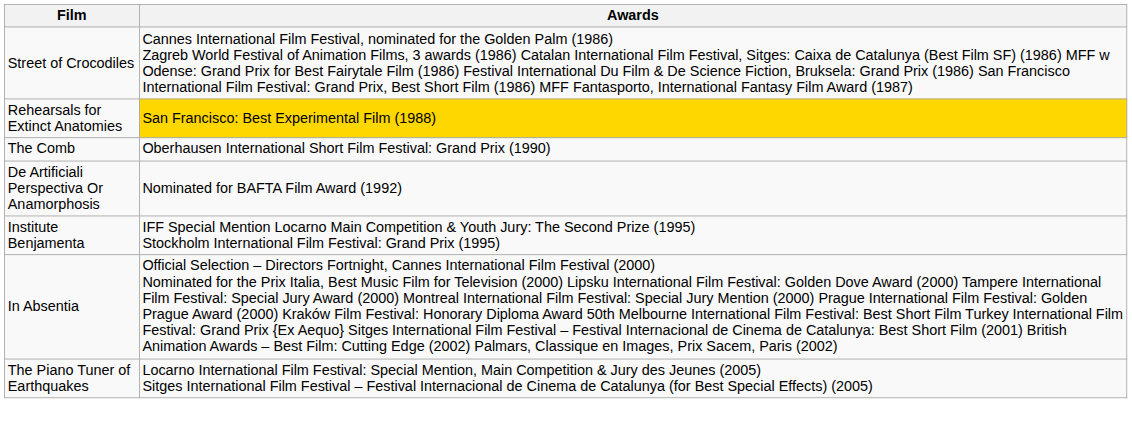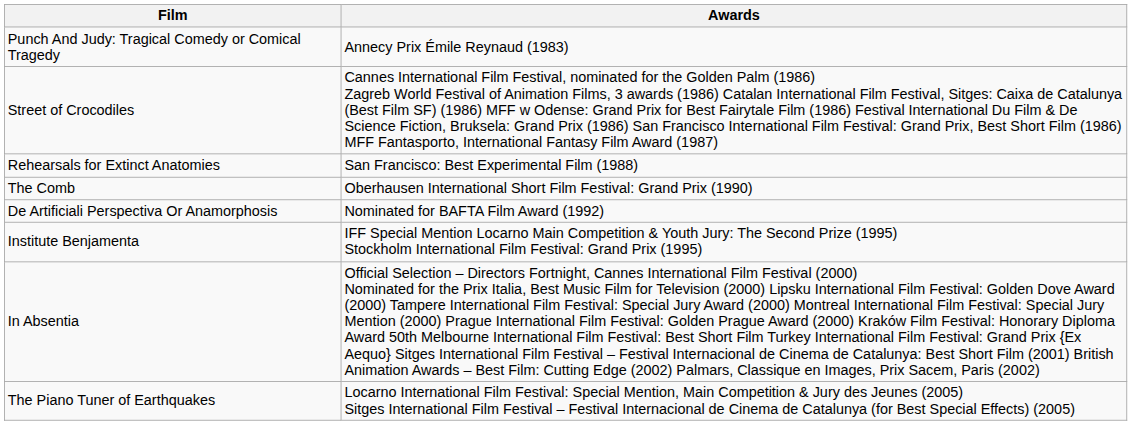 <table class="wikitable">
 <tr>
 <th>Film</th>
 <th>Awards</th>
+</tr>
+<tr>
+<td style="width: 30%">Punch And Judy: Tragical Comedy or Comical Tragedy</td>
+<td>Annecy Prix Émile Reynaud (1983)</td>
 </tr>
 <tr>
 <td>Street of Crocodiles</td>
 <td>Cannes International Film Festival, nominated for the Golden Palm (1986)<br>Zagreb World Festival of Animation Films, 3 awards (1986) Catalan International Film Festival, Sitges: Caixa de Catalunya (Best Film SF) (1986) MFF w Odense: Grand Prix for Best Fairytale Film (1986) Festival International Du Film & De Science Fiction, Bruksela: Grand Prix (1986) San Francisco International Film Festival: Grand Prix, Best Short Film (1986) MFF Fantasporto, International Fantasy Film Award (1987)</td>
 </tr>
 <tr>
 <td>Rehearsals for Extinct Anatomies</td>
-<td style="background: gold;">San Francisco: Best Experimental Film (1988)</td>
+<td>San Francisco: Best Experimental Film (1988)</td>
 </tr>
 <tr>
 <td>The Comb</td>
 <td>Oberhausen International Short Film Festival: Grand Prix (1990)</td>
 </tr>
 <tr>
 <td>De Artificiali Perspectiva Or Anamorphosis</td>
 <td>Nominated for BAFTA Film Award (1992)</td>
 </tr>
 <tr>
 <td>Institute Benjamenta</td>
 <td>IFF Special Mention Locarno Main Competition & Youth Jury: The Second Prize (1995)<br>Stockholm International Film Festival: Grand Prix (1995)</td>
 </tr>
 <tr>
 <td>In Absentia</td>
 <td>Official Selection – Directors Fortnight, Cannes International Film Festival (2000)<br>Nominated for the Prix Italia, Best Music Film for Television (2000) Lipsku International Film Festival: Golden Dove Award (2000) Tampere International Film Festival: Special Jury Award (2000) Montreal International Film Festival: Special Jury Mention (2000) Prague International Film Festival: Golden Prague Award (2000) Kraków Film Festival: Honorary Diploma Award 50th Melbourne International Film Festival: Best Short Film Turkey International Film Festival: Grand Prix {Ex Aequo} Sitges International Film Festival – Festival Internacional de Cinema de Catalunya: Best Short Film (2001) British Animation Awards – Best Film: Cutting Edge (2002) Palmars, Classique en Images, Prix Sacem, Paris (2002)</td>
 </tr>
 <tr>
 <td>The Piano Tuner of Earthquakes</td>
 <td>Locarno International Film Festival: Special Mention, Main Competition & Jury des Jeunes (2005)<br>Sitges International Film Festival – Festival Internacional de Cinema de Catalunya (for Best Special Effects) (2005)</td>
 </tr>
 </table>
